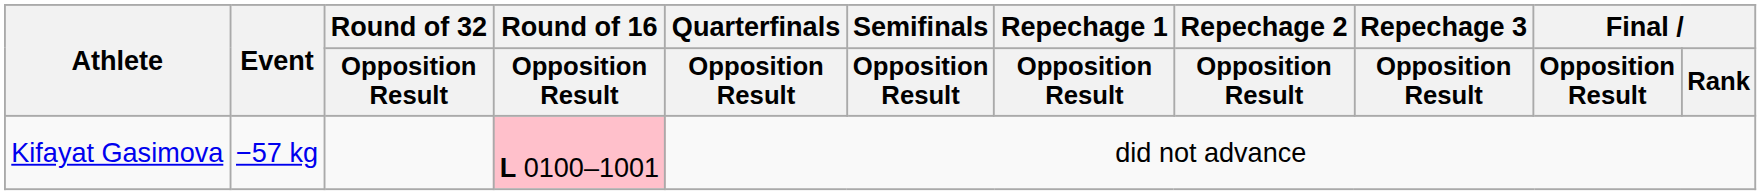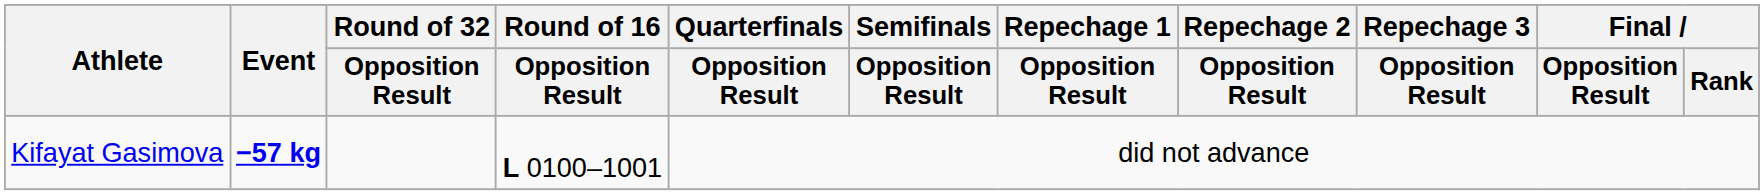 <table class="wikitable" style="font-size:90%">
 <tr>
 <th rowspan="2">Athlete</th>
 <th rowspan="2">Event</th>
 <th>Round of 32</th>
 <th>Round of 16</th>
 <th>Quarterfinals</th>
 <th>Semifinals</th>
 <th>Repechage 1</th>
 <th>Repechage 2</th>
 <th>Repechage 3</th>
 <th colspan=2>Final / </th>
 </tr>
 <tr style="font-size:95%">
 <th>Opposition<br>Result</th>
 <th>Opposition<br>Result</th>
 <th>Opposition<br>Result</th>
 <th>Opposition<br>Result</th>
 <th>Opposition<br>Result</th>
 <th>Opposition<br>Result</th>
 <th>Opposition<br>Result</th>
 <th>Opposition<br>Result</th>
 <th>Rank</th>
 </tr>
 <tr align=center>
 <td align=left><a href='#'>Kifayat Gasimova</a></td>
-<td align=left><a href='#'>−57 kg</a></td>
+<td align=left><strong><a href='#'>−57 kg</a></strong></td>
 <td></td>
-<td style="background: pink;"><br><strong>L</strong> 0100–1001</td>
+<td><br><strong>L</strong> 0100–1001</td>
 <td colspan=7>did not advance</td>
 </tr>
 </table>
